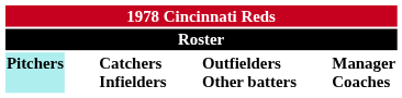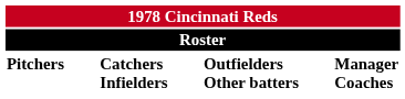 <table class="toccolours" style="font-size: 95%;">
 <tr>
 <th colspan="10" style="background-color: #c6011f; color: white; text-align: center;">1978 Cincinnati Reds</th>
 </tr>
 <tr>
 <td colspan="10" style="background-color: black; color: white; text-align: center;"><strong>Roster</strong></td>
 </tr>
 <tr>
-<td valign="top" style="background: paleturquoise;"><strong>Pitchers</strong><br>             </td>
+<td valign="top"><strong>Pitchers</strong><br>             </td>
 <td width="25px"></td>
 <td valign="top"><strong>Catchers</strong><br>   <strong>Infielders</strong>          </td>
 <td width="25px"></td>
 <td valign="top"><strong>Outfielders</strong><br>       <strong>Other batters</strong> </td>
 <td width="25px"></td>
 <td valign="top"><strong>Manager</strong><br> <strong>Coaches</strong>      </td>
 </tr>
 </table>
